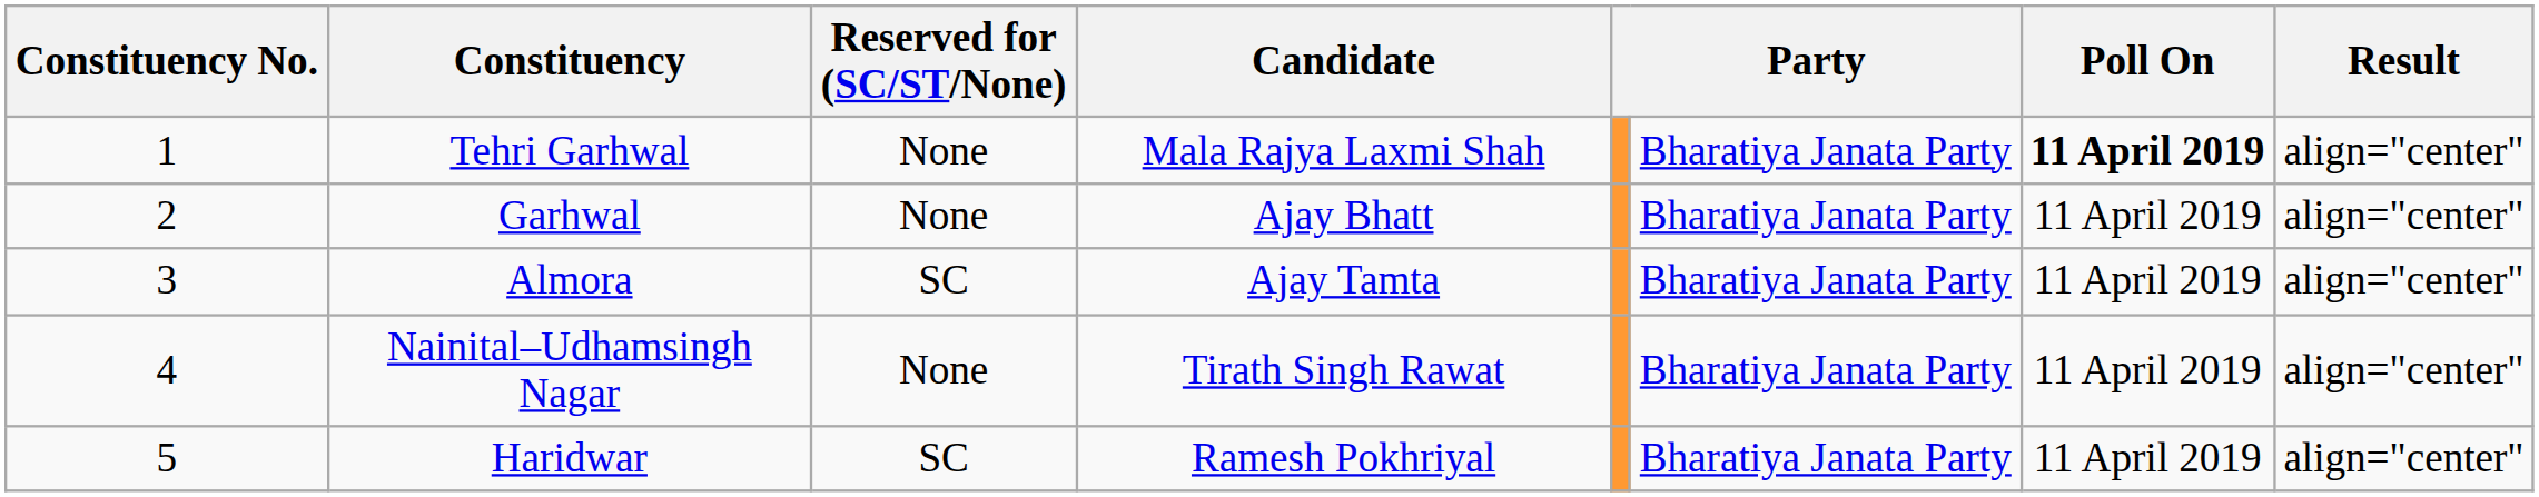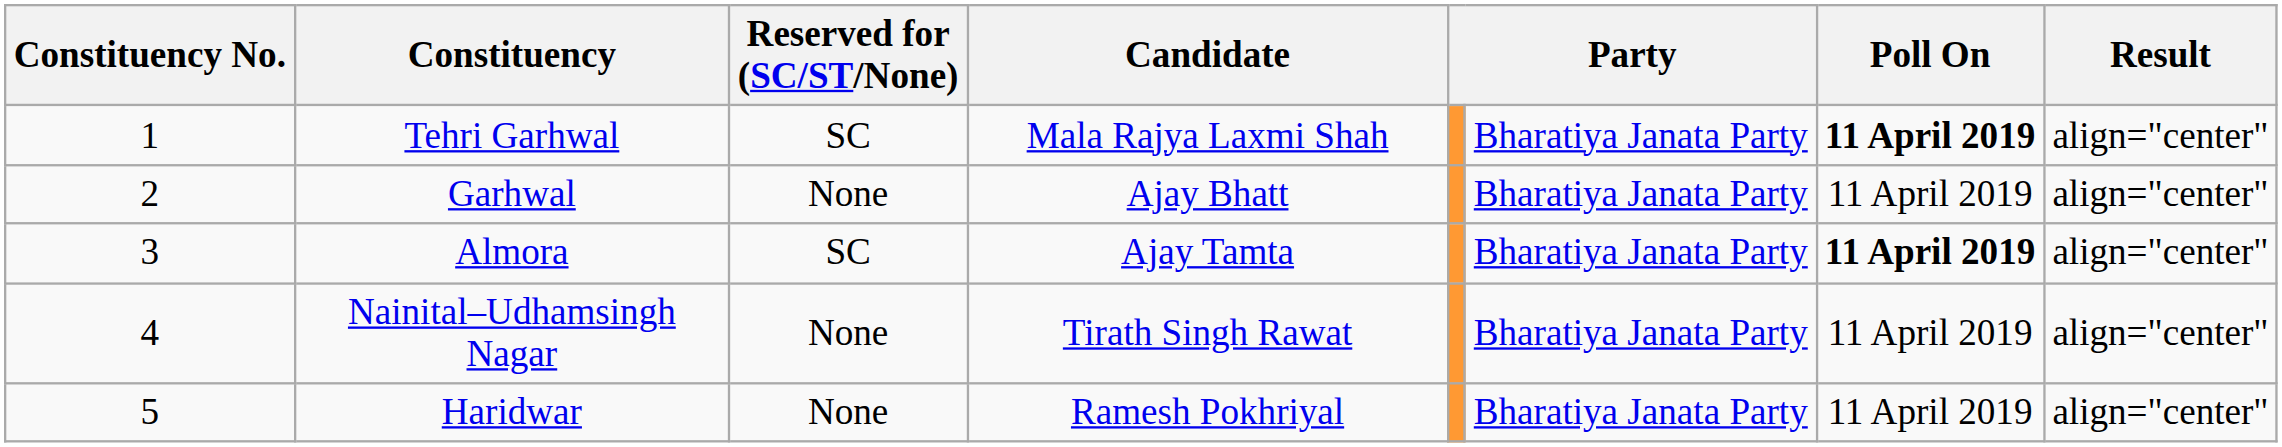 <table class="wikitable sortable" style="text-align:center;">
 <tr>
 <th>Constituency No.</th>
 <th style="width:180px;">Constituency</th>
 <th>Reserved for<br>(<a href='#'>SC/ST</a>/None)</th>
 <th style="width:200px;">Candidate</th>
 <th colspan="2">Party</th>
 <th>Poll On</th>
 <th>Result</th>
 </tr>
 <tr>
 <td align="center">1</td>
 <td><a href='#'>Tehri Garhwal</a></td>
-<td align="center">None</td>
+<td align="center">SC</td>
 <td><a href='#'>Mala Rajya Laxmi Shah</a></td>
 <td bgcolor=#FF9933></td>
 <td><a href='#'>Bharatiya Janata Party</a></td>
 <td align="center"><strong>11 April 2019</strong></td>
 <td>align="center" </td>
 </tr>
 <tr>
 <td align="center">2</td>
 <td><a href='#'>Garhwal</a></td>
 <td align="center">None</td>
 <td><a href='#'>Ajay Bhatt</a></td>
 <td bgcolor=#FF9933></td>
 <td><a href='#'>Bharatiya Janata Party</a></td>
 <td align="center">11 April 2019</td>
 <td>align="center" </td>
 </tr>
 <tr>
 <td align="center">3</td>
 <td><a href='#'>Almora</a></td>
 <td align="center">SC</td>
 <td><a href='#'>Ajay Tamta</a></td>
 <td bgcolor=#FF9933></td>
 <td><a href='#'>Bharatiya Janata Party</a></td>
-<td align="center">11 April 2019</td>
+<td align="center"><strong>11 April 2019</strong></td>
 <td>align="center" </td>
 </tr>
 <tr>
 <td align="center">4</td>
 <td><a href='#'>Nainital–Udhamsingh Nagar</a></td>
 <td align="center">None</td>
 <td><a href='#'>Tirath Singh Rawat</a></td>
 <td bgcolor=#FF9933></td>
 <td><a href='#'>Bharatiya Janata Party</a></td>
 <td align="center">11 April 2019</td>
 <td>align="center" </td>
 </tr>
 <tr>
 <td align="center">5</td>
 <td><a href='#'>Haridwar</a></td>
-<td align="center">SC</td>
+<td align="center">None</td>
 <td><a href='#'>Ramesh Pokhriyal</a></td>
 <td bgcolor=#FF9933></td>
 <td><a href='#'>Bharatiya Janata Party</a></td>
 <td align="center">11 April 2019</td>
 <td>align="center" </td>
 </tr>
 </table>
